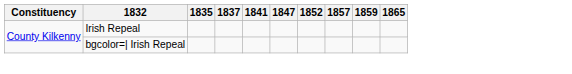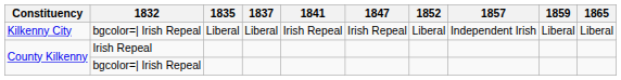 <table class=wikitable sortable>
 <tr>
 <th>Constituency</th>
 <th>1832</th>
 <th>1835</th>
 <th>1837</th>
 <th>1841</th>
 <th>1847</th>
 <th>1852</th>
 <th>1857</th>
 <th>1859</th>
 <th>1865</th>
+</tr>
+<tr>
+<td><a href='#'>Kilkenny City</a></td>
+<td align=center>bgcolor=| Irish Repeal</td>
+<td bgcolor=>Liberal</td>
+<td bgcolor=>Liberal</td>
+<td bgcolor=>Irish Repeal</td>
+<td bgcolor=>Irish Repeal</td>
+<td bgcolor=>Liberal</td>
+<td bgcolor=>Independent Irish</td>
+<td bgcolor=>Liberal</td>
+<td bgcolor=>Liberal</td>
 </tr>
 <tr>
 <td rowspan=2><a href='#'>County Kilkenny</a></td>
 <td bgcolor=>Irish Repeal</td>
 <td></td>
 <td></td>
 <td></td>
 <td></td>
 <td></td>
 <td></td>
 <td></td>
 <td></td>
 </tr>
 <tr>
 <td align=center>bgcolor=| Irish Repeal</td>
 <td></td>
 <td></td>
 <td></td>
 <td></td>
 <td></td>
 <td></td>
 <td></td>
 <td></td>
 </tr>
 </table>
